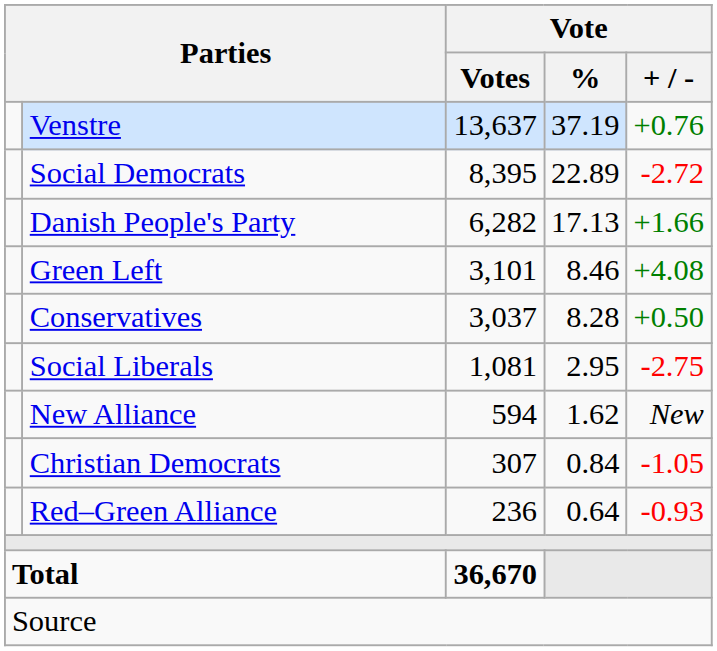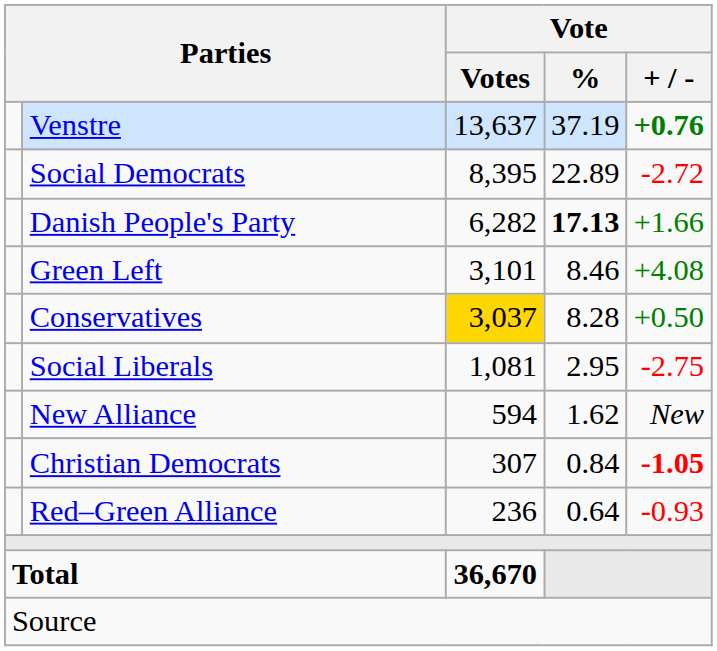 <table class="wikitable" style="text-align:right;">
 <tr>
 <th style="text-align:centre;" rowspan="2" colspan="2" width="225">Parties</th>
 <th colspan="3">Vote</th>
 </tr>
 <tr>
 <th width="15">Votes</th>
 <th width="15">%</th>
 <th width="15">+ / -</th>
 </tr>
 <tr>
 <td width="2" style="color:inherit;background:"></td>
 <td bgcolor=#cfe5fe  align="left"><a href='#'>Venstre</a></td>
 <td bgcolor=#cfe5fe>13,637</td>
 <td bgcolor=#cfe5fe>37.19</td>
-<td style=color:green;>+0.76</td>
+<td style=color:green;><strong>+0.76</strong></td>
 </tr>
 <tr>
 <td width="2" style="color:inherit;background:"></td>
 <td align="left"><a href='#'>Social Democrats</a></td>
 <td>8,395</td>
 <td>22.89</td>
 <td style=color:red;>-2.72</td>
 </tr>
 <tr>
 <td width="2" style="color:inherit;background:"></td>
 <td align="left"><a href='#'>Danish People's Party</a></td>
 <td>6,282</td>
-<td>17.13</td>
+<td><strong>17.13</strong></td>
 <td style=color:green;>+1.66</td>
 </tr>
 <tr>
 <td width="2" style="color:inherit;background:"></td>
 <td align="left"><a href='#'>Green Left</a></td>
 <td>3,101</td>
 <td>8.46</td>
 <td style=color:green;>+4.08</td>
 </tr>
 <tr>
 <td width="2" style="color:inherit;background:"></td>
 <td align="left"><a href='#'>Conservatives</a></td>
-<td>3,037</td>
+<td style="background: gold;">3,037</td>
 <td>8.28</td>
 <td style=color:green;>+0.50</td>
 </tr>
 <tr>
 <td width="2" style="color:inherit;background:"></td>
 <td align="left"><a href='#'>Social Liberals</a></td>
 <td>1,081</td>
 <td>2.95</td>
 <td style=color:red;>-2.75</td>
 </tr>
 <tr>
 <td width="2" style="color:inherit;background:"></td>
 <td align="left"><a href='#'>New Alliance</a></td>
 <td>594</td>
 <td>1.62</td>
 <td><em>New</em></td>
 </tr>
 <tr>
 <td width="2" style="color:inherit;background:"></td>
 <td align="left"><a href='#'>Christian Democrats</a></td>
 <td>307</td>
 <td>0.84</td>
-<td style=color:red;>-1.05</td>
+<td style=color:red;><strong>-1.05</strong></td>
 </tr>
 <tr>
 <td width="2" style="color:inherit;background:"></td>
 <td align="left"><a href='#'>Red–Green Alliance</a></td>
 <td>236</td>
 <td>0.64</td>
 <td style=color:red;>-0.93</td>
 </tr>
 <tr>
 <td colspan="7" bgcolor="#E9E9E9"></td>
 </tr>
 <tr>
 <td align="left" colspan="2"><strong>Total</strong></td>
 <td><strong>36,670</strong></td>
 <td bgcolor="#E9E9E9" colspan="2"></td>
 </tr>
 <tr>
 <td align="left" colspan="6">Source</td>
 </tr>
 </table>
